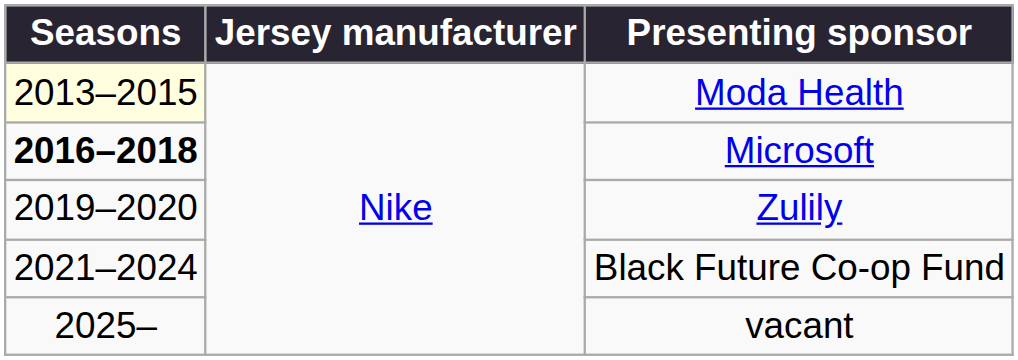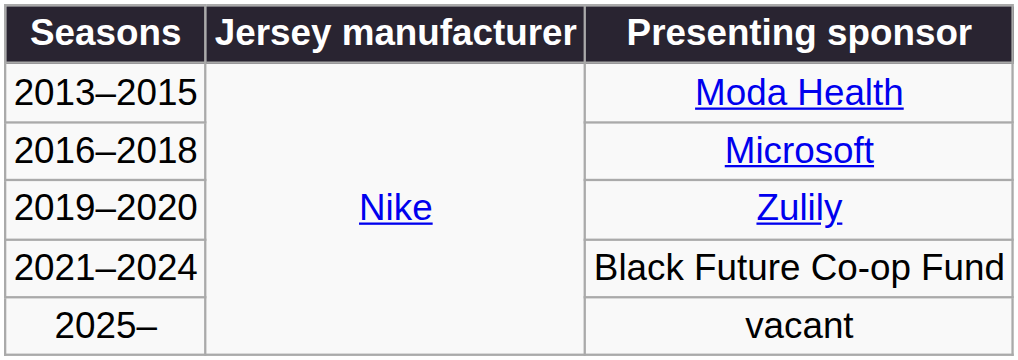 <table class="wikitable" style="text-align: center">
 <tr>
 <th style="background:#292431; color:#FFFFFF; ">Seasons</th>
 <th style="background:#292431; color:#FFFFFF; ">Jersey manufacturer</th>
 <th style="background:#292431; color:#FFFFFF; ">Presenting sponsor</th>
 </tr>
 <tr>
-<td style="background: lightyellow;">2013–2015</td>
+<td>2013–2015</td>
 <td rowspan="5"><a href='#'>Nike</a></td>
 <td><a href='#'>Moda Health</a></td>
 </tr>
 <tr>
-<td><strong>2016–2018</strong></td>
+<td>2016–2018</td>
 <td><a href='#'>Microsoft</a></td>
 </tr>
 <tr>
 <td>2019–2020</td>
 <td><a href='#'>Zulily</a></td>
 </tr>
 <tr>
 <td>2021–2024</td>
 <td>Black Future Co-op Fund</td>
 </tr>
 <tr>
 <td>2025–</td>
 <td>vacant</td>
 </tr>
 </table>
